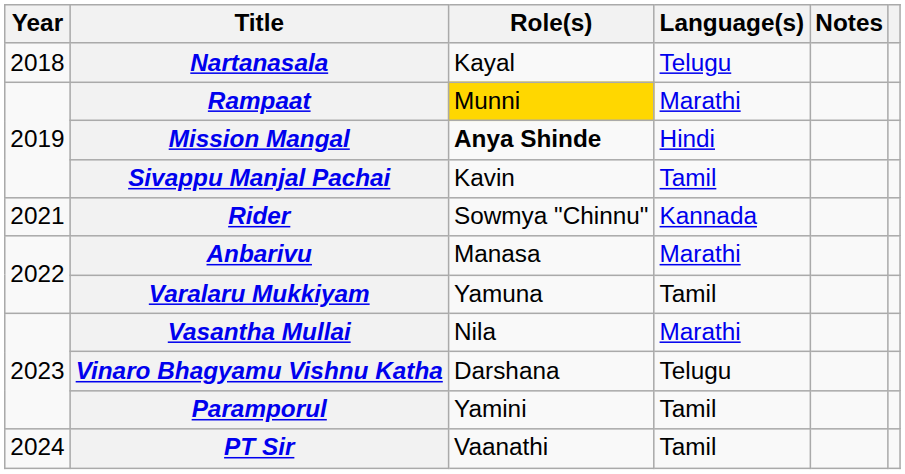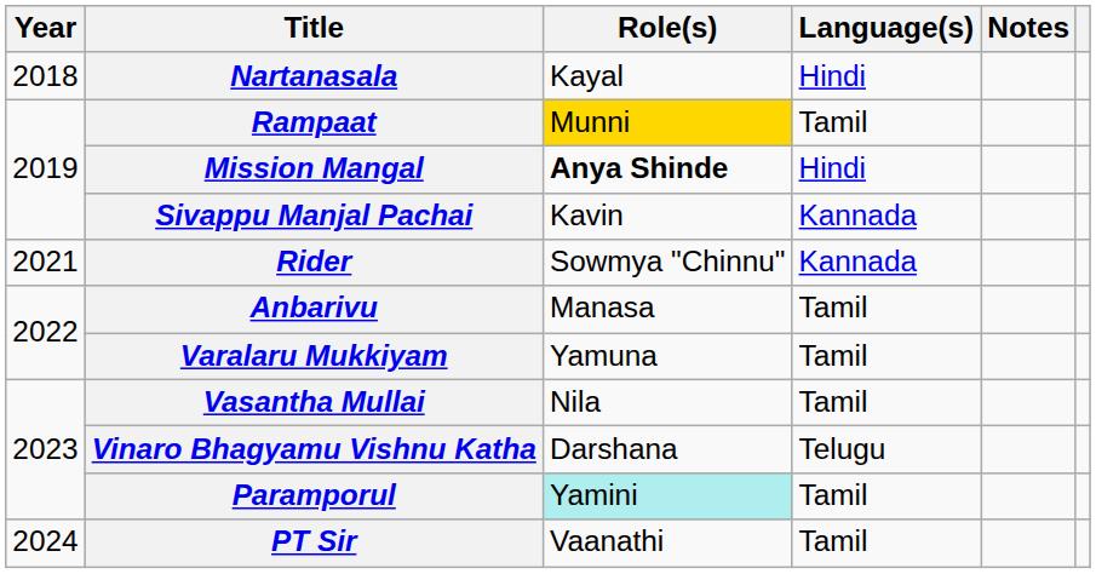 <table class="wikitable plainrowheaders sortable">
 <tr>
 <th scope="col">Year</th>
 <th scope="col">Title</th>
 <th scope="col">Role(s)</th>
 <th scope="col">Language(s)</th>
 <th scope="col" class="unsortable">Notes</th>
 <th scope="col" class="unsortable"></th>
 </tr>
 <tr>
 <td>2018</td>
 <th scope="row"><em><a href='#'>Nartanasala</a></em></th>
 <td>Kayal</td>
-<td><a href='#'>Telugu</a></td>
+<td><a href='#'>Hindi</a></td>
 <td></td>
 <td style="text-align:center;"></td>
 </tr>
 <tr>
 <td rowspan="3">2019</td>
 <th scope="row"><em><a href='#'>Rampaat</a></em></th>
 <td style="background: gold;">Munni</td>
-<td><a href='#'>Marathi</a></td>
+<td>Tamil</td>
 <td></td>
 <td style="text-align:center;"></td>
 </tr>
 <tr>
 <th scope="row"><em><a href='#'>Mission Mangal</a></em></th>
 <td><strong>Anya Shinde</strong></td>
 <td><a href='#'>Hindi</a></td>
 <td></td>
 <td style="text-align:center;"></td>
 </tr>
 <tr>
 <th scope="row"><em><a href='#'>Sivappu Manjal Pachai</a></em></th>
 <td>Kavin</td>
-<td><a href='#'>Tamil</a></td>
+<td><a href='#'>Kannada</a></td>
 <td></td>
 <td style="text-align:center;"></td>
 </tr>
 <tr>
 <td>2021</td>
 <th scope="row"><em><a href='#'>Rider</a></em></th>
 <td>Sowmya "Chinnu"</td>
 <td><a href='#'>Kannada</a></td>
 <td></td>
 <td style="text-align:center;"></td>
 </tr>
 <tr>
 <td rowspan="2">2022</td>
 <th scope="row"><em><a href='#'>Anbarivu</a></em></th>
 <td>Manasa</td>
-<td><a href='#'>Marathi</a></td>
+<td>Tamil</td>
 <td></td>
 <td style="text-align:center;"></td>
 </tr>
 <tr>
 <th scope="row"><em><a href='#'>Varalaru Mukkiyam</a></em></th>
 <td>Yamuna</td>
 <td>Tamil</td>
 <td></td>
 <td style="text-align:center;"></td>
 </tr>
 <tr>
 <td rowspan="3">2023</td>
 <th scope="row"><em><a href='#'>Vasantha Mullai</a></em></th>
 <td>Nila</td>
-<td><a href='#'>Marathi</a></td>
+<td>Tamil</td>
 <td></td>
 <td style="text-align:center;"></td>
 </tr>
 <tr>
 <th scope="row"><em><a href='#'>Vinaro Bhagyamu Vishnu Katha</a></em></th>
 <td>Darshana</td>
 <td>Telugu</td>
 <td></td>
 <td style="text-align:center;"></td>
 </tr>
 <tr>
 <th scope="row"><em><a href='#'>Paramporul</a></em></th>
-<td>Yamini</td>
+<td style="background: paleturquoise;">Yamini</td>
 <td>Tamil</td>
 <td></td>
 <td style="text-align:center;"></td>
 </tr>
 <tr>
 <td>2024</td>
 <th scope="row"><em><a href='#'>PT Sir</a></em></th>
 <td>Vaanathi</td>
 <td>Tamil</td>
 <td></td>
 <td style="text-align:center;"></td>
 </tr>
 </table>
